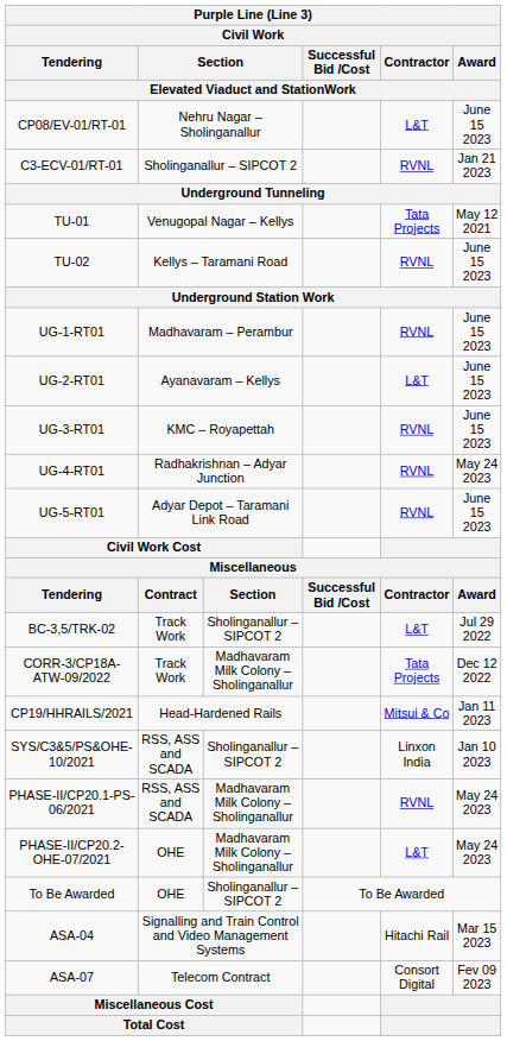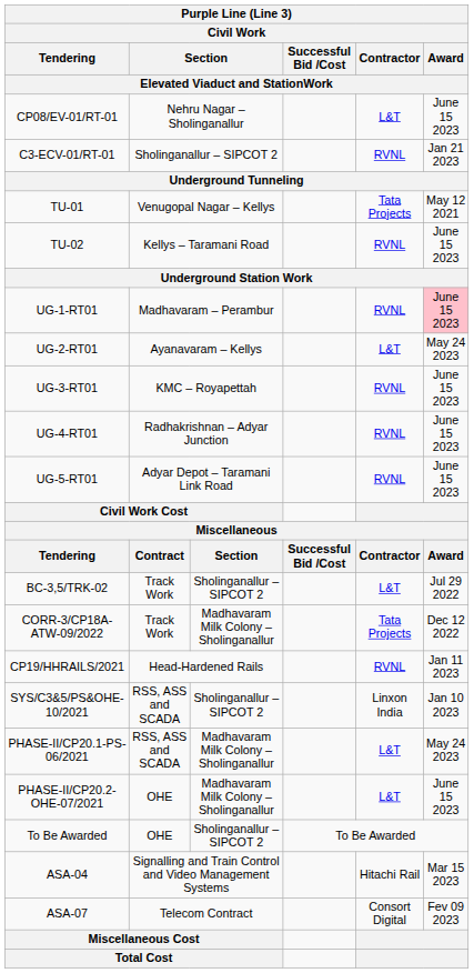 <table class="wikitable" style="text-align:center;margin:auto;">
 <tr>
 <th colspan="6" align="center" style="background:#"><span><strong>Purple Line (Line 3)</strong></span></th>
 </tr>
 <tr>
 <th colspan="6" align="center" style="background:#"><span><strong>Civil Work</strong></span></th>
 </tr>
 <tr>
 <th>Tendering</th>
 <th colspan="2">Section</th>
 <th>Successful Bid /Cost</th>
 <th>Contractor</th>
 <th>Award</th>
 </tr>
 <tr>
 <th colspan="6">Elevated Viaduct and StationWork</th>
 </tr>
 <tr>
 <td>CP08/EV-01/RT-01</td>
 <td colspan="2">Nehru Nagar – Sholinganallur</td>
 <td></td>
 <td><a href='#'>L&T</a></td>
 <td>June 15 2023</td>
 </tr>
 <tr>
 <td>C3-ECV-01/RT-01</td>
 <td colspan="2">Sholinganallur – SIPCOT 2</td>
 <td></td>
 <td><a href='#'>RVNL</a></td>
 <td>Jan 21 2023</td>
 </tr>
 <tr>
 <th colspan="6">Underground Tunneling</th>
 </tr>
 <tr>
 <td>TU-01</td>
 <td colspan="2">Venugopal Nagar – Kellys</td>
 <td></td>
 <td><a href='#'>Tata Projects</a></td>
 <td>May 12 2021</td>
 </tr>
 <tr>
 <td>TU-02</td>
 <td colspan="2">Kellys – Taramani Road</td>
 <td></td>
 <td><a href='#'>RVNL</a></td>
 <td>June 15 2023</td>
 </tr>
 <tr>
 <th colspan="6">Underground Station Work</th>
 </tr>
 <tr>
 <td>UG-1-RT01</td>
 <td colspan="2">Madhavaram – Perambur</td>
 <td></td>
 <td><a href='#'>RVNL</a></td>
-<td>June 15 2023</td>
+<td style="background: pink;">June 15 2023</td>
 </tr>
 <tr>
 <td>UG-2-RT01</td>
 <td colspan="2">Ayanavaram – Kellys</td>
 <td></td>
 <td><a href='#'>L&T</a></td>
-<td>June 15 2023</td>
+<td>May 24 2023</td>
 </tr>
 <tr>
 <td>UG-3-RT01</td>
 <td colspan="2">KMC – Royapettah</td>
 <td></td>
 <td><a href='#'>RVNL</a></td>
 <td>June 15 2023</td>
 </tr>
 <tr>
 <td>UG-4-RT01</td>
 <td colspan="2">Radhakrishnan – Adyar Junction</td>
 <td></td>
 <td><a href='#'>RVNL</a></td>
-<td>May 24 2023</td>
+<td>June 15 2023</td>
 </tr>
 <tr>
 <td>UG-5-RT01</td>
 <td colspan="2">Adyar Depot – Taramani Link Road</td>
 <td></td>
 <td><a href='#'>RVNL</a></td>
 <td>June 15 2023</td>
 </tr>
 <tr>
 <th colspan="3">Civil Work Cost</th>
 <td></td>
 <th colspan="2"></th>
 </tr>
 <tr>
 <th colspan="6" align="center" style="background:#"><span><strong>Miscellaneous</strong></span></th>
 </tr>
 <tr>
 <th>Tendering</th>
 <th>Contract</th>
 <th>Section</th>
 <th>Successful Bid /Cost</th>
 <th>Contractor</th>
 <th>Award</th>
 </tr>
 <tr>
 <td>BC-3,5/TRK-02</td>
 <td>Track Work</td>
 <td>Sholinganallur – SIPCOT 2</td>
 <td></td>
 <td><a href='#'>L&T</a></td>
 <td>Jul 29 2022</td>
 </tr>
 <tr>
 <td>CORR-3/CP18A-ATW-09/2022</td>
 <td>Track Work</td>
 <td>Madhavaram Milk Colony – Sholinganallur</td>
 <td></td>
 <td><a href='#'>Tata Projects</a></td>
 <td>Dec 12 2022</td>
 </tr>
 <tr>
 <td>CP19/HHRAILS/2021</td>
 <td colspan="2">Head-Hardened Rails</td>
 <td></td>
-<td><a href='#'>Mitsui & Co</a></td>
+<td><a href='#'>RVNL</a></td>
 <td>Jan 11 2023</td>
 </tr>
 <tr>
 <td>SYS/C3&5/PS&OHE-10/2021</td>
 <td>RSS, ASS and SCADA</td>
 <td>Sholinganallur – SIPCOT 2</td>
 <td></td>
 <td>Linxon India</td>
 <td>Jan 10 2023</td>
 </tr>
 <tr>
 <td>PHASE-II/CP20.1-PS-06/2021</td>
 <td>RSS, ASS and SCADA</td>
 <td>Madhavaram Milk Colony – Sholinganallur</td>
 <td></td>
-<td><a href='#'>RVNL</a></td>
+<td><a href='#'>L&T</a></td>
 <td>May 24 2023</td>
 </tr>
 <tr>
 <td>PHASE-II/CP20.2-OHE-07/2021</td>
 <td>OHE</td>
 <td>Madhavaram Milk Colony – Sholinganallur</td>
 <td></td>
 <td><a href='#'>L&T</a></td>
-<td>May 24 2023</td>
+<td>June 15 2023</td>
 </tr>
 <tr>
 <td>To Be Awarded</td>
 <td>OHE</td>
 <td>Sholinganallur – SIPCOT 2</td>
 <td colspan="3">To Be Awarded</td>
 </tr>
 <tr>
 <td>ASA-04</td>
 <td colspan="2">Signalling and Train Control and Video Management Systems</td>
 <td></td>
 <td>Hitachi Rail</td>
 <td>Mar 15 2023</td>
 </tr>
 <tr>
 <td>ASA-07</td>
 <td colspan="2">Telecom Contract</td>
 <td></td>
 <td>Consort Digital</td>
 <td>Fev 09 2023</td>
 </tr>
 <tr>
 <th colspan="3">Miscellaneous Cost</th>
 <td></td>
 <th colspan="2"></th>
 </tr>
 <tr>
 <th colspan="3">Total Cost</th>
 <td></td>
 <th colspan="2"></th>
 </tr>
 </table>
